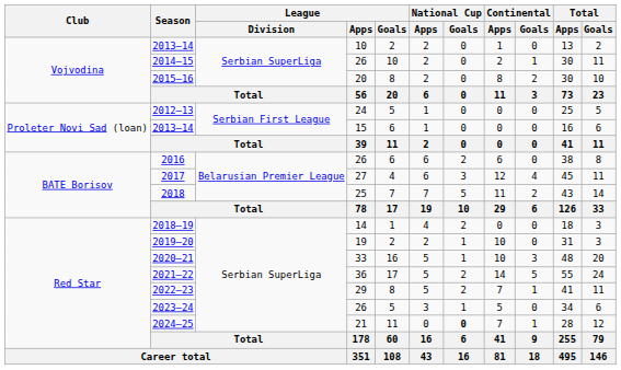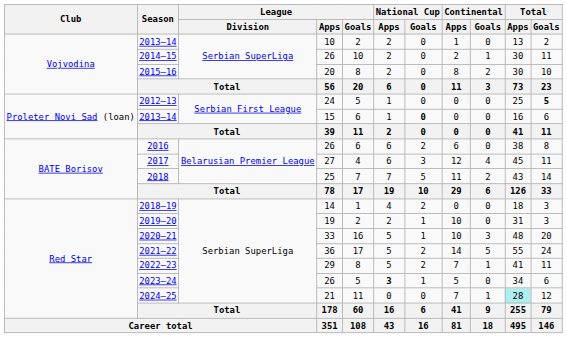 <table class="wikitable" style="text-align:center;font-size:90%">
 <tr>
 <th rowspan="2">Club</th>
 <th rowspan="2">Season</th>
 <th colspan="3">League</th>
 <th colspan="2">National Cup</th>
 <th colspan="2">Continental</th>
 <th colspan="2">Total</th>
 </tr>
 <tr>
 <th>Division</th>
 <th>Apps</th>
 <th>Goals</th>
 <th>Apps</th>
 <th>Goals</th>
 <th>Apps</th>
 <th>Goals</th>
 <th>Apps</th>
 <th>Goals</th>
 </tr>
 <tr>
 <td rowspan="4"><a href='#'>Vojvodina</a></td>
 <td><a href='#'>2013–14</a></td>
 <td rowspan="3"><a href='#'>Serbian SuperLiga</a></td>
 <td>10</td>
 <td>2</td>
 <td>2</td>
 <td>0</td>
 <td>1</td>
 <td>0</td>
 <td>13</td>
 <td>2</td>
 </tr>
 <tr>
 <td><a href='#'>2014–15</a></td>
 <td>26</td>
 <td>10</td>
 <td>2</td>
 <td>0</td>
 <td>2</td>
 <td>1</td>
 <td>30</td>
 <td>11</td>
 </tr>
 <tr>
 <td><a href='#'>2015–16</a></td>
 <td>20</td>
 <td>8</td>
 <td>2</td>
 <td>0</td>
 <td>8</td>
 <td>2</td>
 <td>30</td>
 <td>10</td>
 </tr>
 <tr>
 <th colspan="2">Total</th>
 <th>56</th>
 <th>20</th>
 <th>6</th>
 <th>0</th>
 <th>11</th>
 <th>3</th>
 <th>73</th>
 <th>23</th>
 </tr>
 <tr>
 <td rowspan="3"><a href='#'>Proleter Novi Sad</a> (loan)</td>
 <td><a href='#'>2012–13</a></td>
 <td rowspan="2"><a href='#'>Serbian First League</a></td>
 <td>24</td>
 <td>5</td>
 <td>1</td>
 <td>0</td>
 <td>0</td>
 <td>0</td>
 <td>25</td>
-<td>5</td>
+<td><strong>5</strong></td>
 </tr>
 <tr>
 <td><a href='#'>2013–14</a></td>
 <td>15</td>
 <td>6</td>
 <td>1</td>
-<td>0</td>
+<td><strong>0</strong></td>
 <td>0</td>
 <td>0</td>
 <td>16</td>
 <td>6</td>
 </tr>
 <tr>
 <th colspan="2">Total</th>
 <th>39</th>
 <th>11</th>
 <th>2</th>
 <th>0</th>
 <th>0</th>
 <th>0</th>
 <th>41</th>
 <th>11</th>
 </tr>
 <tr>
 <td rowspan="4"><a href='#'>BATE Borisov</a></td>
 <td><a href='#'>2016</a></td>
 <td rowspan="3"><a href='#'>Belarusian Premier League</a></td>
 <td>26</td>
 <td>6</td>
 <td>6</td>
 <td>2</td>
 <td>6</td>
 <td>0</td>
 <td>38</td>
 <td>8</td>
 </tr>
 <tr>
 <td><a href='#'>2017</a></td>
 <td>27</td>
 <td>4</td>
 <td>6</td>
 <td>3</td>
 <td>12</td>
 <td>4</td>
 <td>45</td>
 <td>11</td>
 </tr>
 <tr>
 <td><a href='#'>2018</a></td>
 <td>25</td>
 <td>7</td>
 <td>7</td>
 <td>5</td>
 <td>11</td>
 <td>2</td>
 <td>43</td>
 <td>14</td>
 </tr>
 <tr>
 <th colspan="2">Total</th>
 <th>78</th>
 <th>17</th>
 <th>19</th>
 <th>10</th>
 <th>29</th>
 <th>6</th>
 <th>126</th>
 <th>33</th>
 </tr>
 <tr>
 <td rowspan=8><a href='#'>Red Star</a></td>
 <td><a href='#'>2018–19</a></td>
 <td rowspan="7">Serbian SuperLiga</td>
 <td>14</td>
 <td>1</td>
 <td>4</td>
 <td>2</td>
 <td>0</td>
 <td>0</td>
 <td>18</td>
 <td>3</td>
 </tr>
 <tr>
 <td><a href='#'>2019–20</a></td>
 <td>19</td>
 <td>2</td>
 <td>2</td>
 <td>1</td>
 <td>10</td>
 <td>0</td>
 <td>31</td>
 <td>3</td>
 </tr>
 <tr>
 <td><a href='#'>2020–21</a></td>
 <td>33</td>
 <td>16</td>
 <td>5</td>
 <td>1</td>
 <td>10</td>
 <td>3</td>
 <td>48</td>
 <td>20</td>
 </tr>
 <tr>
 <td><a href='#'>2021–22</a></td>
 <td>36</td>
 <td>17</td>
 <td>5</td>
 <td>2</td>
 <td>14</td>
 <td>5</td>
 <td>55</td>
 <td>24</td>
 </tr>
 <tr>
 <td><a href='#'>2022–23</a></td>
 <td>29</td>
 <td>8</td>
 <td>5</td>
 <td>2</td>
 <td>7</td>
 <td>1</td>
 <td>41</td>
 <td>11</td>
 </tr>
 <tr>
 <td><a href='#'>2023–24</a></td>
 <td>26</td>
 <td>5</td>
-<td>3</td>
+<td><strong>3</strong></td>
 <td>1</td>
 <td>5</td>
 <td>0</td>
 <td>34</td>
 <td>6</td>
 </tr>
 <tr>
 <td><a href='#'>2024–25</a></td>
 <td>21</td>
 <td>11</td>
 <td>0</td>
-<td><strong>0</strong></td>
+<td>0</td>
 <td>7</td>
 <td>1</td>
-<td>28</td>
+<td style="background: paleturquoise;">28</td>
 <td>12</td>
 </tr>
 <tr>
 <th colspan="2">Total</th>
 <th>178</th>
 <th>60</th>
 <th>16</th>
 <th>6</th>
 <th>41</th>
 <th>9</th>
 <th>255</th>
 <th>79</th>
 </tr>
 <tr>
 <th colspan="3">Career total</th>
 <th>351</th>
 <th>108</th>
 <th>43</th>
 <th>16</th>
 <th>81</th>
 <th>18</th>
 <th>495</th>
 <th>146</th>
 </tr>
 </table>
